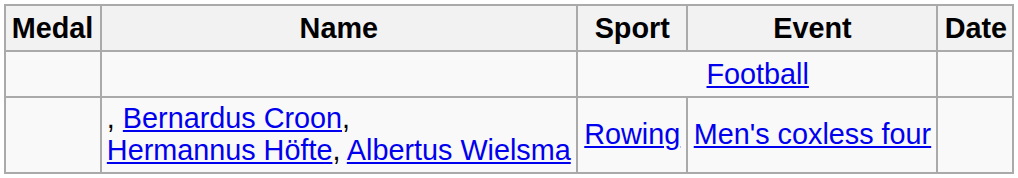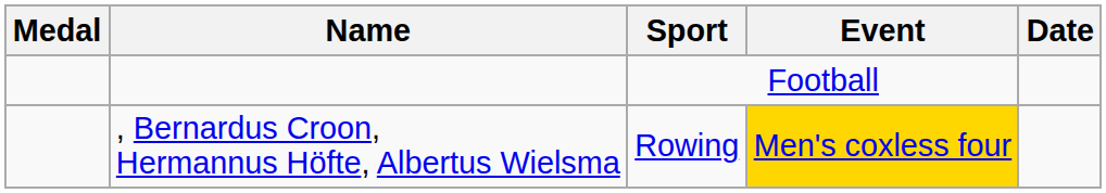 <table class="wikitable sortable" style="font-size:90%">
 <tr>
 <th>Medal</th>
 <th>Name</th>
 <th>Sport</th>
 <th>Event</th>
 <th>Date</th>
 </tr>
 <tr>
 <td></td>
 <td><br></td>
 <td align=center colspan=2><a href='#'>Football</a></td>
 <td></td>
 </tr>
 <tr>
 <td></td>
 <td>, <a href='#'>Bernardus Croon</a>,<br><a href='#'>Hermannus Höfte</a>, <a href='#'>Albertus Wielsma</a></td>
 <td><a href='#'>Rowing</a></td>
-<td><a href='#'>Men's coxless four</a></td>
+<td style="background: gold;"><a href='#'>Men's coxless four</a></td>
 <td></td>
 </tr>
 </table>
